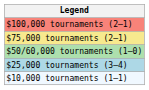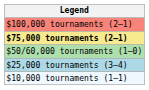 <table class="wikitable" style="font-size:85%;">
 <tr>
 <th>Legend</th>
 </tr>
 <tr style="background:#f88379;">
 <td>$100,000 tournaments (2–1)</td>
 </tr>
 <tr style="background:#f7e98e;">
-<td>$75,000 tournaments (2–1)</td>
+<td><strong>$75,000 tournaments (2–1)</strong></td>
 </tr>
 <tr style="background:#addfad;">
 <td>$50/60,000 tournaments (1–0)</td>
 </tr>
 <tr style="background:lightblue;">
 <td>$25,000 tournaments (3–4)</td>
 </tr>
 <tr style="background:#f0f8ff;">
 <td>$10,000 tournaments (1–1)</td>
 </tr>
 </table>
